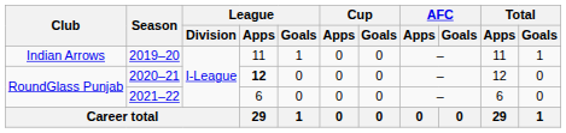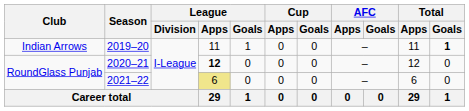 <table class="wikitable" style="text-align: center;">
 <tr>
 <th rowspan="2">Club</th>
 <th rowspan="2">Season</th>
 <th colspan="3">League</th>
 <th colspan="2">Cup</th>
 <th colspan="2"><a href='#'>AFC</a></th>
 <th colspan="2">Total</th>
 </tr>
 <tr>
 <th>Division</th>
 <th>Apps</th>
 <th>Goals</th>
 <th>Apps</th>
 <th>Goals</th>
 <th>Apps</th>
 <th>Goals</th>
 <th>Apps</th>
 <th>Goals</th>
 </tr>
 <tr>
 <td rowspan="1"><a href='#'>Indian Arrows</a></td>
 <td><a href='#'>2019–20</a></td>
 <td rowspan="3"><a href='#'>I-League</a></td>
 <td>11</td>
 <td>1</td>
 <td>0</td>
 <td>0</td>
 <td colspan="2">–</td>
 <td>11</td>
-<td>1</td>
+<td><strong>1</strong></td>
 </tr>
 <tr>
 <td rowspan="2"><a href='#'>RoundGlass Punjab</a></td>
 <td><a href='#'>2020–21</a></td>
 <td><strong>12</strong></td>
 <td>0</td>
 <td>0</td>
 <td>0</td>
 <td colspan="2">–</td>
 <td>12</td>
 <td>0</td>
 </tr>
 <tr>
 <td><a href='#'>2021–22</a></td>
-<td>6</td>
+<td style="background: khaki;">6</td>
 <td>0</td>
 <td>0</td>
 <td>0</td>
 <td colspan="2">–</td>
 <td>6</td>
 <td>0</td>
 </tr>
 <tr>
 <th colspan="3">Career total</th>
 <th>29</th>
 <th>1</th>
 <th>0</th>
 <th>0</th>
 <th>0</th>
 <th>0</th>
 <th>29</th>
 <th>1</th>
 </tr>
 </table>
